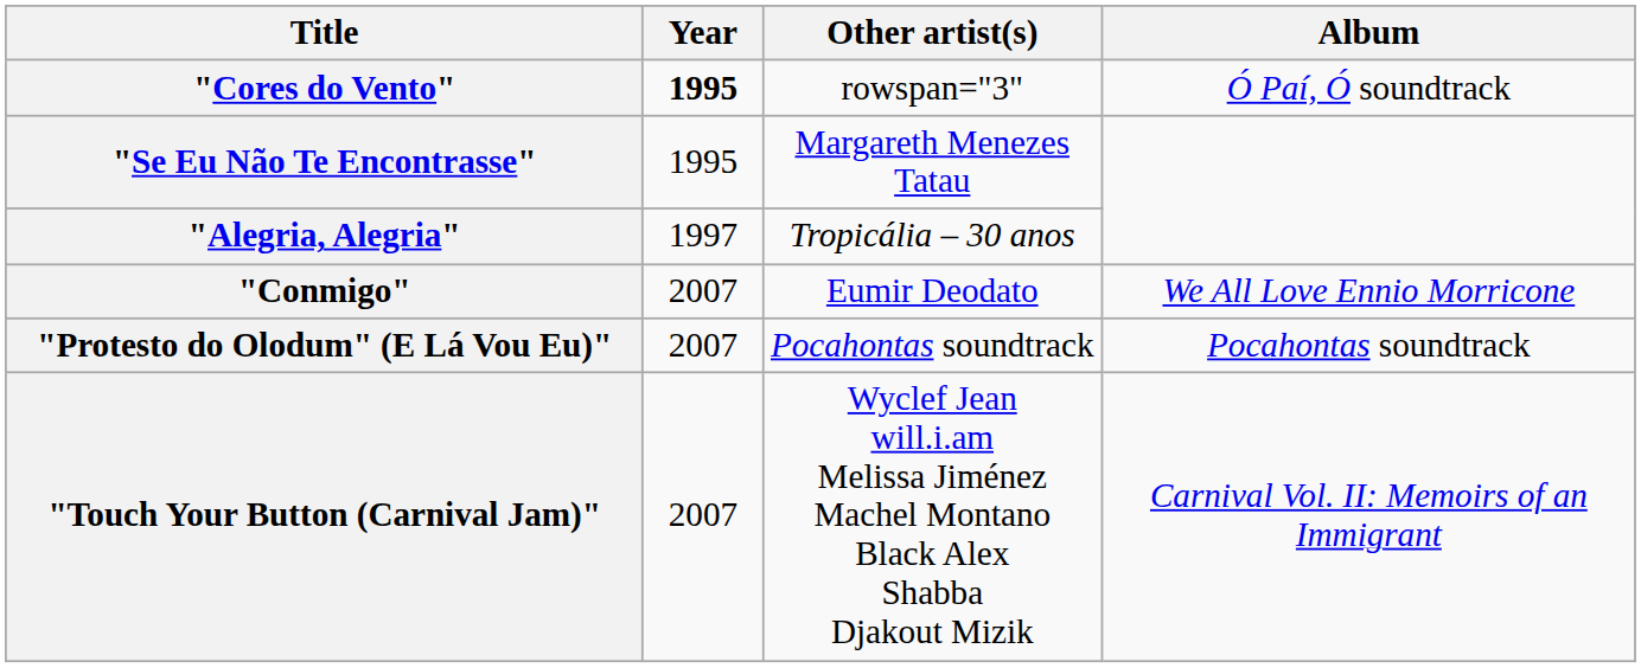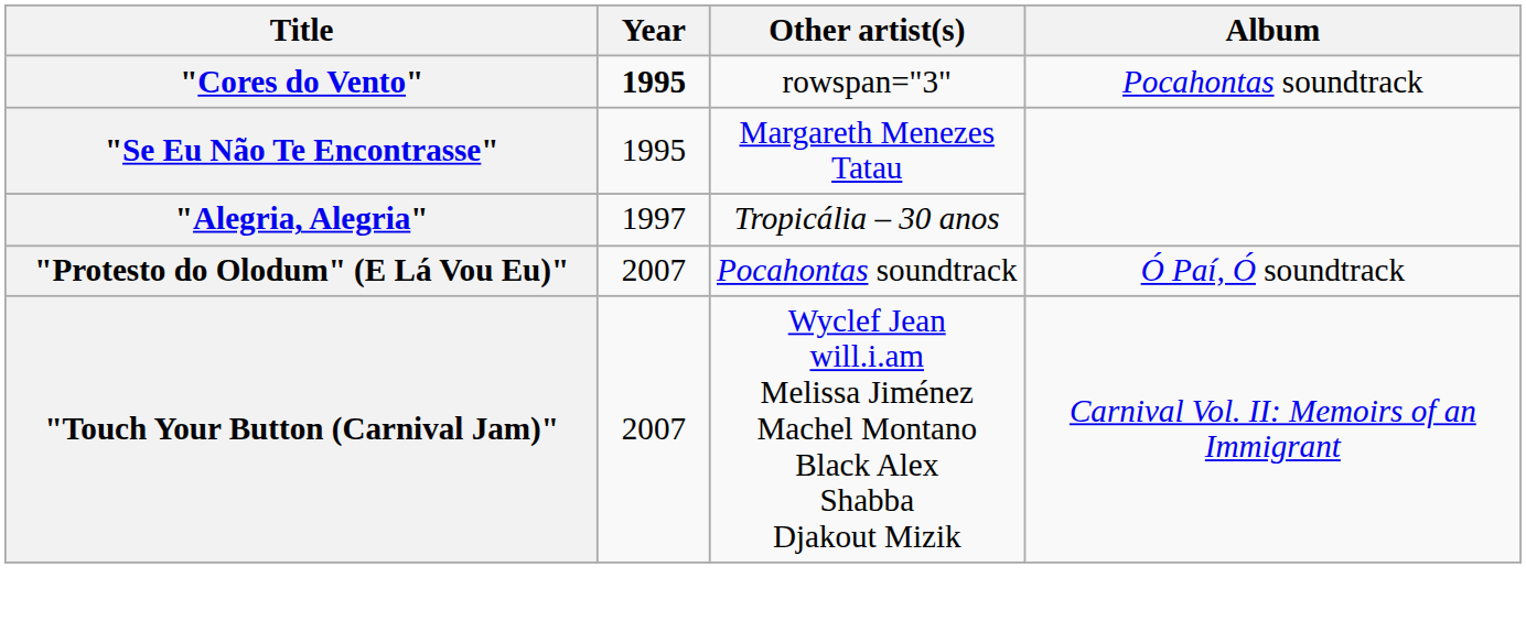 <table class="wikitable plainrowheaders" style="text-align:center;" border="1">
 <tr>
 <th scope="col" style="width:18em;">Title</th>
 <th scope="col" style="width:3em;">Year</th>
 <th><strong>Other artist(s)</strong></th>
 <th scope="col" style="width:15em;">Album</th>
 </tr>
 <tr>
 <th scope="row">"<a href='#'>Cores do Vento</a>"</th>
 <td><strong>1995</strong></td>
 <td>rowspan="3" </td>
-<td><em><a href='#'>Ó Paí, Ó</a></em> soundtrack</td>
+<td><em><a href='#'>Pocahontas</a></em> soundtrack</td>
 </tr>
 <tr>
 <th scope="row">"<a href='#'>Se Eu Não Te Encontrasse</a>"</th>
 <td>1995</td>
 <td><a href='#'>Margareth Menezes</a><br><a href='#'>Tatau</a></td>
 </tr>
 <tr>
 <th scope="row">"<a href='#'>Alegria, Alegria</a>"</th>
 <td>1997</td>
 <td><em>Tropicália – 30 anos</em></td>
 </tr>
 <tr>
-<th scope="row">"Conmigo"</th>
-<td>2007</td>
-<td><a href='#'>Eumir Deodato</a></td>
-<td><em><a href='#'>We All Love Ennio Morricone</a></em></td>
-</tr>
-<tr>
 <th scope="row">"Protesto do Olodum" (E Lá Vou Eu)"</th>
 <td>2007</td>
 <td><em><a href='#'>Pocahontas</a></em> soundtrack</td>
-<td><em><a href='#'>Pocahontas</a></em> soundtrack</td>
+<td><em><a href='#'>Ó Paí, Ó</a></em> soundtrack</td>
 </tr>
 <tr>
 <th scope="row">"Touch Your Button (Carnival Jam)"</th>
 <td>2007</td>
 <td><a href='#'>Wyclef Jean</a><br><a href='#'>will.i.am</a><br>Melissa Jiménez<br>Machel Montano<br>Black Alex<br>Shabba<br>Djakout Mizik</td>
 <td><em><a href='#'>Carnival Vol. II: Memoirs of an Immigrant</a></em></td>
 </tr>
 </table>
